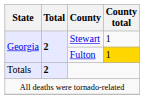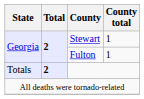 <table class="wikitable" style="margin:0 0 0.5em 1em;float:right;">
 <tr>
 <th><strong>State</strong></th>
 <th><strong>Total</strong></th>
 <th><strong>County</strong></th>
 <th><strong>County<br>total</strong></th>
 </tr>
 <tr>
 <td rowspan=2 bgcolor="#e6e9ff"><a href='#'>Georgia</a></td>
 <td rowspan=2 bgcolor="#e6e9ff"><strong>2</strong></td>
 <td><a href='#'>Stewart</a></td>
 <td>1</td>
 </tr>
 <tr>
 <td><a href='#'>Fulton</a></td>
-<td style="background: gold;">1</td>
+<td>1</td>
 </tr>
 <tr>
 <td bgcolor="#e6e9ff">Totals</td>
 <td bgcolor="#e6e9ff"><strong>2</strong></td>
 <td colspan=2></td>
 </tr>
 <tr>
 <td colspan=4 align=center><small>All deaths were tornado-related</small></td>
 </tr>
 <tr>
 </tr>
 </table>
